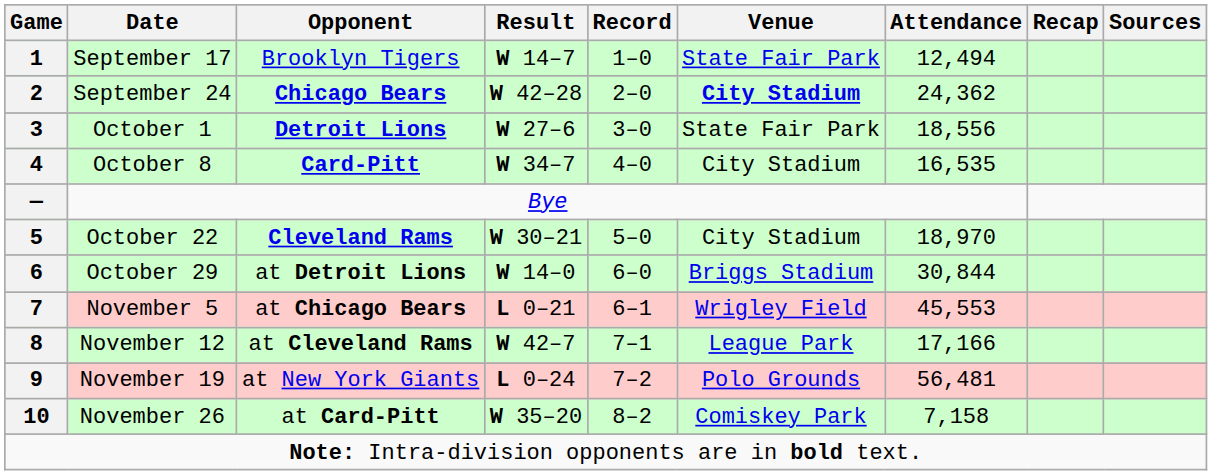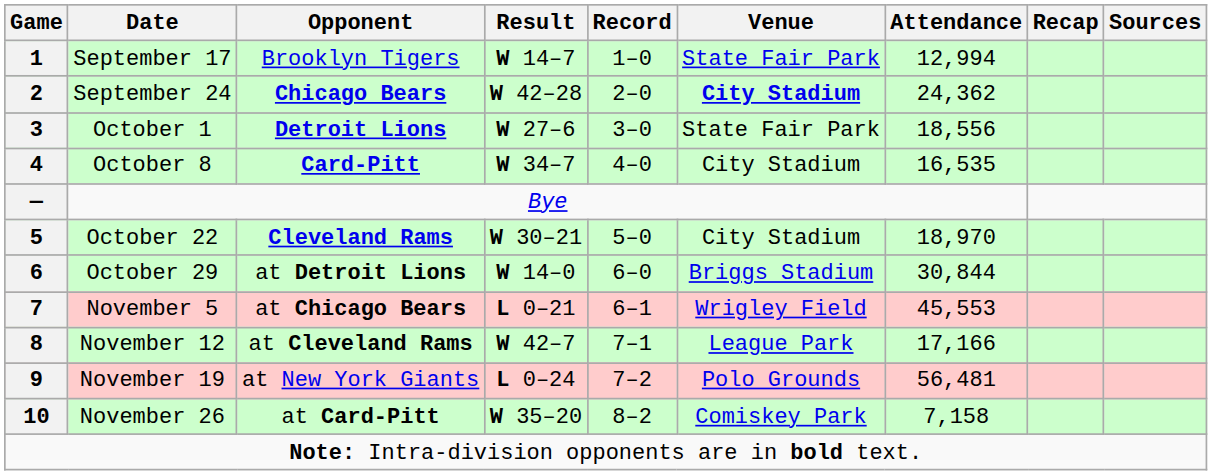 <table class="wikitable" style="text-align:center">
 <tr>
 <th>Game</th>
 <th>Date</th>
 <th>Opponent</th>
 <th>Result</th>
 <th>Record</th>
 <th>Venue</th>
 <th>Attendance</th>
 <th>Recap</th>
 <th>Sources</th>
 </tr>
 <tr style="background:#cfc">
 <th>1</th>
 <td>September 17</td>
 <td><a href='#'>Brooklyn Tigers</a></td>
 <td><strong>W</strong> 14–7</td>
 <td>1–0</td>
 <td><a href='#'>State Fair Park</a></td>
-<td>12,494</td>
+<td>12,994</td>
 <td></td>
 <td></td>
 </tr>
 <tr style="background:#cfc">
 <th>2</th>
 <td>September 24</td>
 <td><strong><a href='#'>Chicago Bears</a></strong></td>
 <td><strong>W</strong> 42–28</td>
 <td>2–0</td>
 <td><strong><a href='#'>City Stadium</a></strong></td>
 <td>24,362</td>
 <td></td>
 <td></td>
 </tr>
 <tr style="background:#cfc">
 <th>3</th>
 <td>October 1</td>
 <td><strong><a href='#'>Detroit Lions</a></strong></td>
 <td><strong>W</strong> 27–6</td>
 <td>3–0</td>
 <td>State Fair Park</td>
 <td>18,556</td>
 <td></td>
 <td></td>
 </tr>
 <tr style="background:#cfc">
 <th>4</th>
 <td>October 8</td>
 <td><strong><a href='#'>Card-Pitt</a></strong></td>
 <td><strong>W</strong> 34–7</td>
 <td>4–0</td>
 <td>City Stadium</td>
 <td>16,535</td>
 <td></td>
 <td></td>
 </tr>
 <tr>
 <th>—</th>
 <td colspan=6><em><a href='#'>Bye</a></em></td>
 </tr>
 <tr style="background:#cfc">
 <th>5</th>
 <td>October 22</td>
 <td><strong><a href='#'>Cleveland Rams</a></strong></td>
 <td><strong>W</strong> 30–21</td>
 <td>5–0</td>
 <td>City Stadium</td>
 <td>18,970</td>
 <td></td>
 <td></td>
 </tr>
 <tr style="background:#cfc">
 <th>6</th>
 <td>October 29</td>
 <td>at <strong>Detroit Lions</strong></td>
 <td><strong>W</strong> 14–0</td>
 <td>6–0</td>
 <td><a href='#'>Briggs Stadium</a></td>
 <td>30,844</td>
 <td></td>
 <td></td>
 </tr>
 <tr style="background:#fcc">
 <th>7</th>
 <td>November 5</td>
 <td>at <strong>Chicago Bears</strong></td>
 <td><strong>L</strong> 0–21</td>
 <td>6–1</td>
 <td><a href='#'>Wrigley Field</a></td>
 <td>45,553</td>
 <td></td>
 <td></td>
 </tr>
 <tr style="background:#cfc">
 <th>8</th>
 <td>November 12</td>
 <td>at <strong>Cleveland Rams</strong></td>
 <td><strong>W</strong> 42–7</td>
 <td>7–1</td>
 <td><a href='#'>League Park</a></td>
 <td>17,166</td>
 <td></td>
 <td></td>
 </tr>
 <tr style="background:#fcc">
 <th>9</th>
 <td>November 19</td>
 <td>at <a href='#'>New York Giants</a></td>
 <td><strong>L</strong> 0–24</td>
 <td>7–2</td>
 <td><a href='#'>Polo Grounds</a></td>
 <td>56,481</td>
 <td></td>
 <td></td>
 </tr>
 <tr style="background:#cfc">
 <th>10</th>
 <td>November 26</td>
 <td>at <strong>Card-Pitt</strong></td>
 <td><strong>W</strong> 35–20</td>
 <td>8–2</td>
 <td><a href='#'>Comiskey Park</a></td>
 <td>7,158</td>
 <td></td>
 <td></td>
 </tr>
 <tr>
 <td colspan="10"><strong>Note:</strong> Intra-division opponents are in <strong>bold</strong> text.</td>
 </tr>
 </table>
